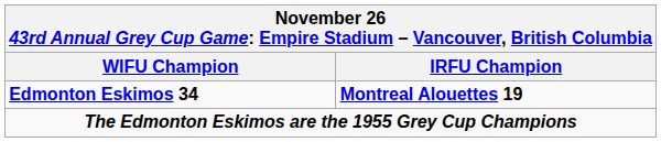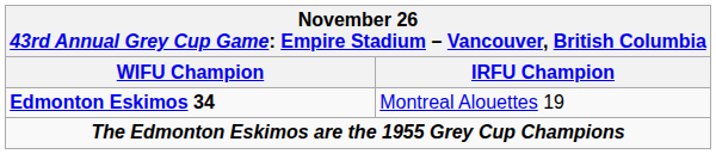 <table cellspacing="10" valign="top" class="wikitable">
 <tr>
 <th bgcolor="#DDDDDD" colspan="4">November 26<br><em><a href='#'>43rd Annual Grey Cup Game</a></em>: <a href='#'>Empire Stadium</a> – <a href='#'>Vancouver</a>, <a href='#'>British Columbia</a></th>
 </tr>
 <tr>
 <th><a href='#'>WIFU Champion</a></th>
 <th><a href='#'>IRFU Champion</a></th>
 </tr>
 <tr>
 <td><strong><a href='#'>Edmonton Eskimos</a> 34</strong></td>
-<td><strong><a href='#'>Montreal Alouettes</a> 19</strong></td>
+<td><a href='#'>Montreal Alouettes</a> 19</td>
 </tr>
 <tr>
 <td align="center" colspan="4"><strong><em>The Edmonton Eskimos are the 1955 Grey Cup Champions</em></strong></td>
 </tr>
 <tr>
 </tr>
 </table>
